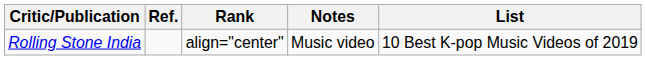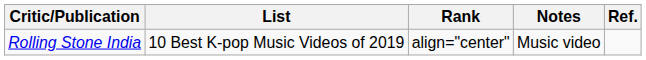 <table class="sortable wikitable">
 <tr>
 <th>Critic/Publication</th>
-<th>Ref.</th>
+<th>List</th>
 <th>Rank</th>
 <th>Notes</th>
-<th>List</th>
+<th>Ref.</th>
 </tr>
 <tr>
 <td align="center"><em><a href='#'>Rolling Stone India</a></em></td>
-<td></td>
+<td align="center">10 Best K-pop Music Videos of 2019</td>
 <td>align="center" </td>
 <td align="center">Music video</td>
-<td align="center">10 Best K-pop Music Videos of 2019</td>
+<td></td>
 </tr>
 </table>
